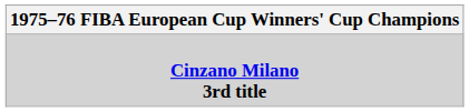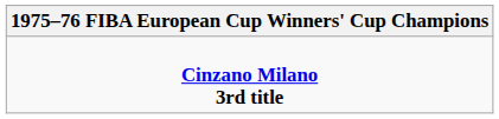 <table class=wikitable style="text-align:center; margin:auto">
 <tr>
 <th>1975–76 FIBA European Cup Winners' Cup Champions</th>
 </tr>
 <tr>
-<td style="background: lightgrey;"><br> <strong><a href='#'>Cinzano Milano</a></strong> <br> <strong>3rd title</strong></td>
+<td><br> <strong><a href='#'>Cinzano Milano</a></strong> <br> <strong>3rd title</strong></td>
 </tr>
 </table>
